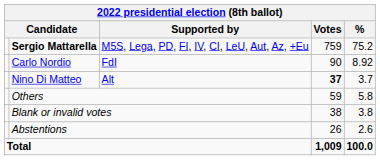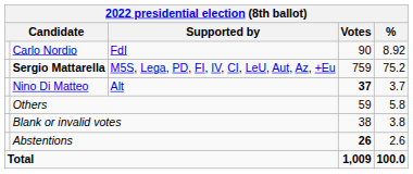 <table class=wikitable style=text-align:right>
 <tr>
 <th colspan=5><a href='#'>2022 presidential election</a> (8th ballot)</th>
 </tr>
 <tr>
 <th colspan=2>Candidate</th>
 <th>Supported by</th>
 <th>Votes</th>
 <th>%</th>
 </tr>
 <tr>
 <td></td>
+<td align=left><a href='#'>Carlo Nordio</a></td>
+<td align=left><a href='#'>FdI</a></td>
+<td>90</td>
+<td>8.92</td>
+</tr>
+<tr>
+<td></td>
 <td align=left><strong>Sergio Mattarella</strong></td>
 <td align=left><a href='#'>M5S</a>, <a href='#'>Lega</a>, <a href='#'>PD</a>, <a href='#'>FI</a>, <a href='#'>IV</a>, <a href='#'>CI</a>, <a href='#'>LeU</a>, <a href='#'>Aut</a>, <a href='#'>Az</a>, <a href='#'>+Eu</a></td>
 <td>759</td>
 <td>75.2</td>
-</tr>
-<tr>
-<td></td>
-<td align=left><a href='#'>Carlo Nordio</a></td>
-<td align=left><a href='#'>FdI</a></td>
-<td>90</td>
-<td>8.92</td>
 </tr>
 <tr>
 <td></td>
 <td align=left><a href='#'>Nino Di Matteo</a></td>
 <td align=left><a href='#'>Alt</a></td>
 <td><strong>37</strong></td>
 <td>3.7</td>
 </tr>
 <tr>
 <td></td>
 <td align=left colspan=2><em>Others</em></td>
 <td>59</td>
 <td>5.8</td>
 </tr>
 <tr>
 <td></td>
 <td align=left colspan=2><em>Blank or invalid votes</em></td>
 <td>38</td>
 <td>3.8</td>
 </tr>
 <tr>
 <td></td>
 <td align=left colspan=2><em>Abstentions</em></td>
-<td>26</td>
+<td><strong>26</strong></td>
 <td>2.6</td>
 </tr>
 <tr>
 <td align=left colspan=3><strong>Total</strong></td>
 <td><strong>1,009</strong></td>
 <td><strong>100.0</strong></td>
 </tr>
 </table>
